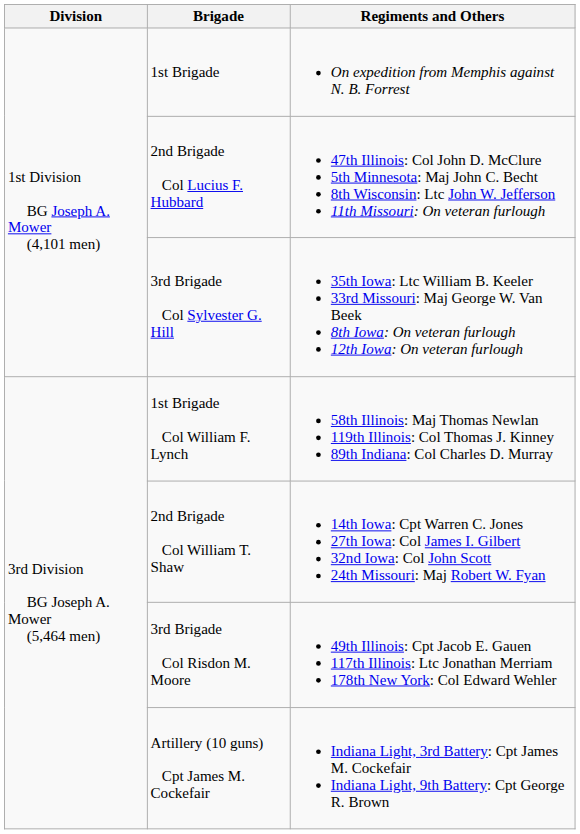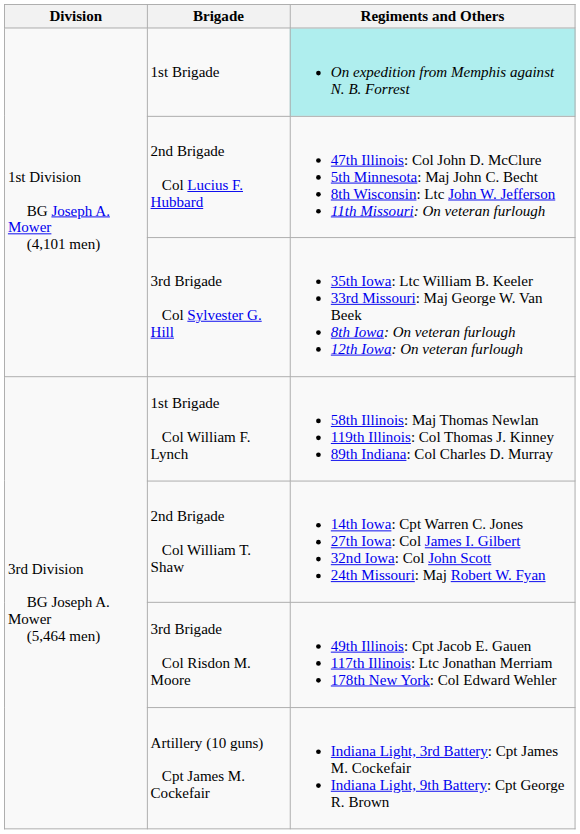 <table class="wikitable">
 <tr>
 <th width="25%">Division</th>
 <th width="25%">Brigade</th>
 <th>Regiments and Others</th>
 </tr>
 <tr>
 <td rowspan="3"><br>1st Division<br><br>     BG <a href='#'>Joseph A. Mower</a> <br>     (4,101 men)</td>
 <td>1st Brigade</td>
-<td><br><ul><li><em>On expedition from Memphis against N. B. Forrest</em></li></ul></td>
+<td style="background: paleturquoise;"><br><ul><li><em>On expedition from Memphis against N. B. Forrest</em></li></ul></td>
 </tr>
 <tr>
 <td>2nd Brigade<br><br>   Col <a href='#'>Lucius F. Hubbard</a></td>
 <td><br><ul><li><a href='#'>47th Illinois</a>: Col John D. McClure</li><li><a href='#'>5th Minnesota</a>: Maj John C. Becht</li><li><a href='#'>8th Wisconsin</a>: Ltc <a href='#'>John W. Jefferson</a></li><li><em><a href='#'>11th Missouri</a>: On veteran furlough</em></li></ul></td>
 </tr>
 <tr>
 <td>3rd Brigade<br><br>   Col <a href='#'>Sylvester G. Hill</a></td>
 <td><br><ul><li><a href='#'>35th Iowa</a>: Ltc William B. Keeler</li><li><a href='#'>33rd Missouri</a>: Maj George W. Van Beek</li><li><em><a href='#'>8th Iowa</a>: On veteran furlough</em></li><li><em><a href='#'>12th Iowa</a>: On veteran furlough</em></li></ul></td>
 </tr>
 <tr>
 <td rowspan="4">3rd Division<br><br>     BG Joseph A. Mower <br>     (5,464 men)</td>
 <td>1st Brigade<br><br>   Col William F. Lynch</td>
 <td><br><ul><li><a href='#'>58th Illinois</a>: Maj Thomas Newlan</li><li><a href='#'>119th Illinois</a>: Col Thomas J. Kinney</li><li><a href='#'>89th Indiana</a>: Col Charles D. Murray</li></ul></td>
 </tr>
 <tr>
 <td>2nd Brigade<br><br>   Col William T. Shaw</td>
 <td><br><ul><li><a href='#'>14th Iowa</a>: Cpt Warren C. Jones</li><li><a href='#'>27th Iowa</a>: Col <a href='#'>James I. Gilbert</a></li><li><a href='#'>32nd Iowa</a>: Col <a href='#'>John Scott</a></li><li><a href='#'>24th Missouri</a>: Maj <a href='#'>Robert W. Fyan</a></li></ul></td>
 </tr>
 <tr>
 <td>3rd Brigade<br><br>   Col Risdon M. Moore</td>
 <td><br><ul><li><a href='#'>49th Illinois</a>: Cpt Jacob E. Gauen</li><li><a href='#'>117th Illinois</a>: Ltc Jonathan Merriam</li><li><a href='#'>178th New York</a>: Col Edward Wehler</li></ul></td>
 </tr>
 <tr>
 <td>Artillery (10 guns)<br><br>   Cpt James M. Cockefair</td>
 <td><br><ul><li><a href='#'>Indiana Light, 3rd Battery</a>: Cpt James M. Cockefair</li><li><a href='#'>Indiana Light, 9th Battery</a>: Cpt George R. Brown</li></ul></td>
 </tr>
 </table>
